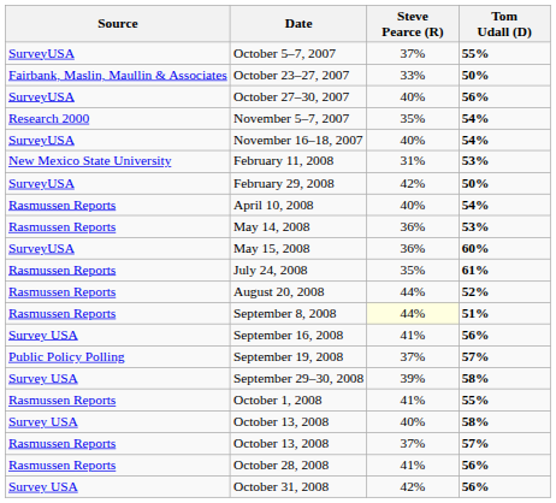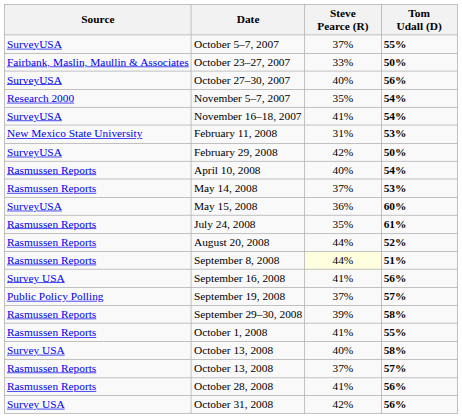 <table class="wikitable">
 <tr>
 <th>Source</th>
 <th>Date</th>
 <th style="width:100px;">Steve<br>Pearce (R)</th>
 <th style="width:100px;">Tom<br>Udall (D)</th>
 </tr>
 <tr>
 <td><a href='#'>SurveyUSA</a></td>
 <td>October 5–7, 2007</td>
 <td align="center">37%</td>
 <td><strong>55%</strong></td>
 </tr>
 <tr>
 <td><a href='#'>Fairbank, Maslin, Maullin & Associates</a></td>
 <td>October 23–27, 2007</td>
 <td align="center">33%</td>
 <td><strong>50%</strong></td>
 </tr>
 <tr>
 <td><a href='#'>SurveyUSA</a></td>
 <td>October 27–30, 2007</td>
 <td align="center">40%</td>
 <td><strong>56%</strong></td>
 </tr>
 <tr>
 <td><a href='#'>Research 2000</a></td>
 <td>November 5–7, 2007</td>
 <td align="center">35%</td>
 <td><strong>54%</strong></td>
 </tr>
 <tr>
 <td><a href='#'>SurveyUSA</a></td>
 <td>November 16–18, 2007</td>
-<td align="center">40%</td>
+<td align="center">41%</td>
 <td><strong>54%</strong></td>
 </tr>
 <tr>
 <td><a href='#'>New Mexico State University</a></td>
 <td>February 11, 2008</td>
 <td align="center">31%</td>
 <td><strong>53%</strong></td>
 </tr>
 <tr>
 <td><a href='#'>SurveyUSA</a></td>
 <td>February 29, 2008</td>
 <td align="center">42%</td>
 <td><strong>50%</strong></td>
 </tr>
 <tr>
 <td><a href='#'>Rasmussen Reports</a></td>
 <td>April 10, 2008</td>
 <td align="center">40%</td>
 <td><strong>54%</strong></td>
 </tr>
 <tr>
 <td><a href='#'>Rasmussen Reports</a></td>
 <td>May 14, 2008</td>
-<td align="center">36%</td>
+<td align="center">37%</td>
 <td><strong>53%</strong></td>
 </tr>
 <tr>
 <td><a href='#'>SurveyUSA</a></td>
 <td>May 15, 2008</td>
 <td align="center">36%</td>
 <td><strong>60%</strong></td>
 </tr>
 <tr>
 <td><a href='#'>Rasmussen Reports</a></td>
 <td>July 24, 2008</td>
 <td align="center">35%</td>
 <td><strong>61%</strong></td>
 </tr>
 <tr>
 <td><a href='#'>Rasmussen Reports</a></td>
 <td>August 20, 2008</td>
 <td align="center">44%</td>
 <td><strong>52%</strong></td>
 </tr>
 <tr>
 <td><a href='#'>Rasmussen Reports</a></td>
 <td>September 8, 2008</td>
 <td align="center" style="background: lightyellow;">44%</td>
 <td><strong>51%</strong></td>
 </tr>
 <tr>
 <td><a href='#'>Survey USA</a></td>
 <td>September 16, 2008</td>
 <td align="center">41%</td>
 <td><strong>56%</strong></td>
 </tr>
 <tr>
 <td><a href='#'>Public Policy Polling</a></td>
 <td>September 19, 2008</td>
 <td align="center">37%</td>
 <td><strong>57%</strong></td>
 </tr>
 <tr>
-<td><a href='#'>Survey USA</a></td>
+<td><a href='#'>Rasmussen Reports</a></td>
 <td>September 29–30, 2008</td>
 <td align="center">39%</td>
 <td><strong>58%</strong></td>
 </tr>
 <tr>
 <td><a href='#'>Rasmussen Reports</a></td>
 <td>October 1, 2008</td>
 <td align="center">41%</td>
 <td><strong>55%</strong></td>
 </tr>
 <tr>
 <td><a href='#'>Survey USA</a></td>
 <td>October 13, 2008</td>
 <td align="center">40%</td>
 <td><strong>58%</strong></td>
 </tr>
 <tr>
 <td><a href='#'>Rasmussen Reports</a></td>
 <td>October 13, 2008</td>
 <td align="center">37%</td>
 <td><strong>57%</strong></td>
 </tr>
 <tr>
 <td><a href='#'>Rasmussen Reports</a></td>
 <td>October 28, 2008</td>
 <td align="center">41%</td>
 <td><strong>56%</strong></td>
 </tr>
 <tr>
 <td><a href='#'>Survey USA</a></td>
 <td>October 31, 2008</td>
 <td align="center">42%</td>
 <td><strong>56%</strong></td>
 </tr>
 </table>
